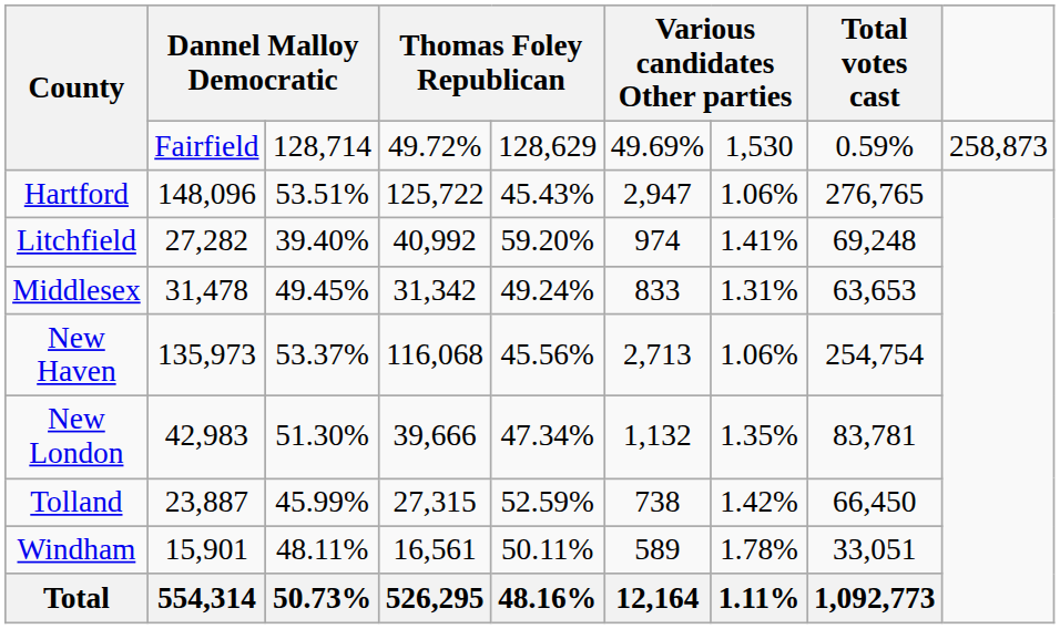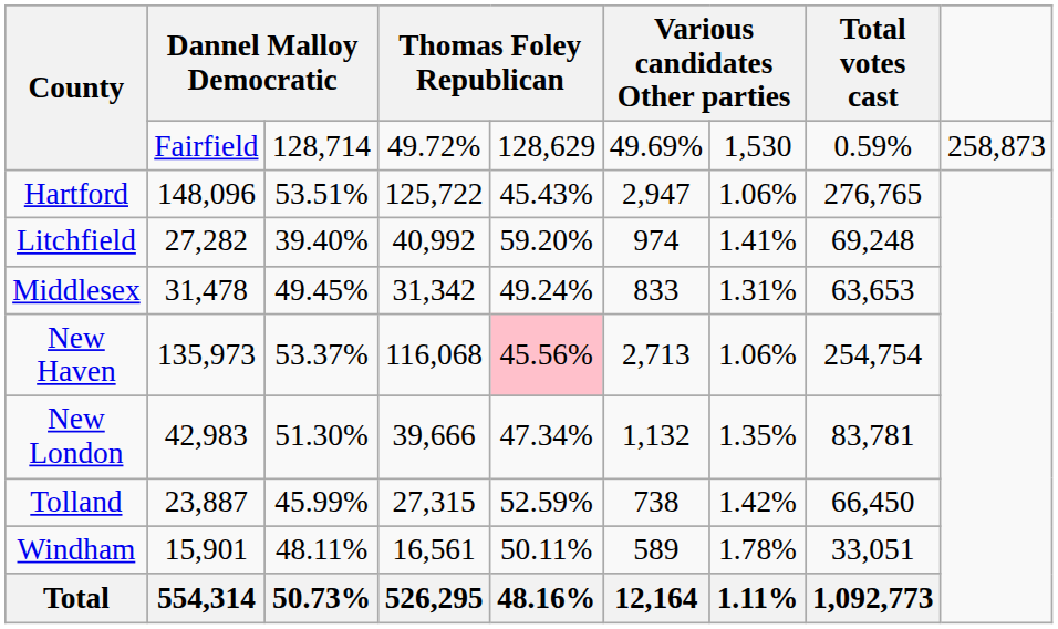 <table width="68%"  class="wikitable sortable" style="text-align:center">
 <tr>
 <th rowspan="2" style="text-align:center;">County</th>
 <th colspan="2" style="text-align:center;"><strong>Dannel Malloy</strong><br>Democratic</th>
 <th colspan="2" style="text-align:center;">Thomas Foley<br>Republican</th>
 <th colspan="2" style="text-align:center;">Various candidates<br>Other parties</th>
 <th style="text-align:center;">Total votes cast</th>
 </tr>
 <tr style="text-align:center;">
 <td><a href='#'>Fairfield</a></td>
 <td>128,714</td>
 <td>49.72%</td>
 <td>128,629</td>
 <td>49.69%</td>
 <td>1,530</td>
 <td>0.59%</td>
 <td>258,873</td>
 </tr>
 <tr style="text-align:center;">
 <td><a href='#'>Hartford</a></td>
 <td>148,096</td>
 <td>53.51%</td>
 <td>125,722</td>
 <td>45.43%</td>
 <td>2,947</td>
 <td>1.06%</td>
 <td>276,765</td>
 </tr>
 <tr style="text-align:center;">
 <td><a href='#'>Litchfield</a></td>
 <td>27,282</td>
 <td>39.40%</td>
 <td>40,992</td>
 <td>59.20%</td>
 <td>974</td>
 <td>1.41%</td>
 <td>69,248</td>
 </tr>
 <tr style="text-align:center;">
 <td><a href='#'>Middlesex</a></td>
 <td>31,478</td>
 <td>49.45%</td>
 <td>31,342</td>
 <td>49.24%</td>
 <td>833</td>
 <td>1.31%</td>
 <td>63,653</td>
 </tr>
 <tr style="text-align:center;">
 <td><a href='#'>New Haven</a></td>
 <td>135,973</td>
 <td>53.37%</td>
 <td>116,068</td>
-<td>45.56%</td>
+<td style="background: pink;">45.56%</td>
 <td>2,713</td>
 <td>1.06%</td>
 <td>254,754</td>
 </tr>
 <tr style="text-align:center;">
 <td><a href='#'>New London</a></td>
 <td>42,983</td>
 <td>51.30%</td>
 <td>39,666</td>
 <td>47.34%</td>
 <td>1,132</td>
 <td>1.35%</td>
 <td>83,781</td>
 </tr>
 <tr style="text-align:center;">
 <td><a href='#'>Tolland</a></td>
 <td>23,887</td>
 <td>45.99%</td>
 <td>27,315</td>
 <td>52.59%</td>
 <td>738</td>
 <td>1.42%</td>
 <td>66,450</td>
 </tr>
 <tr style="text-align:center;">
 <td><a href='#'>Windham</a></td>
 <td>15,901</td>
 <td>48.11%</td>
 <td>16,561</td>
 <td>50.11%</td>
 <td>589</td>
 <td>1.78%</td>
 <td>33,051</td>
 </tr>
 <tr style="text-align:center;">
 <th>Total</th>
 <th>554,314</th>
 <th>50.73%</th>
 <th>526,295</th>
 <th>48.16%</th>
 <th>12,164</th>
 <th>1.11%</th>
 <th>1,092,773</th>
 </tr>
 </table>
